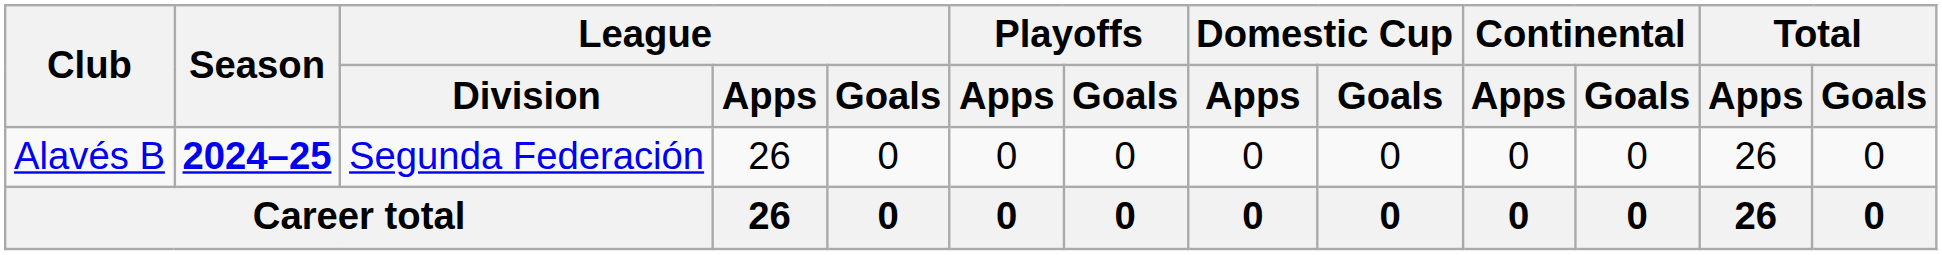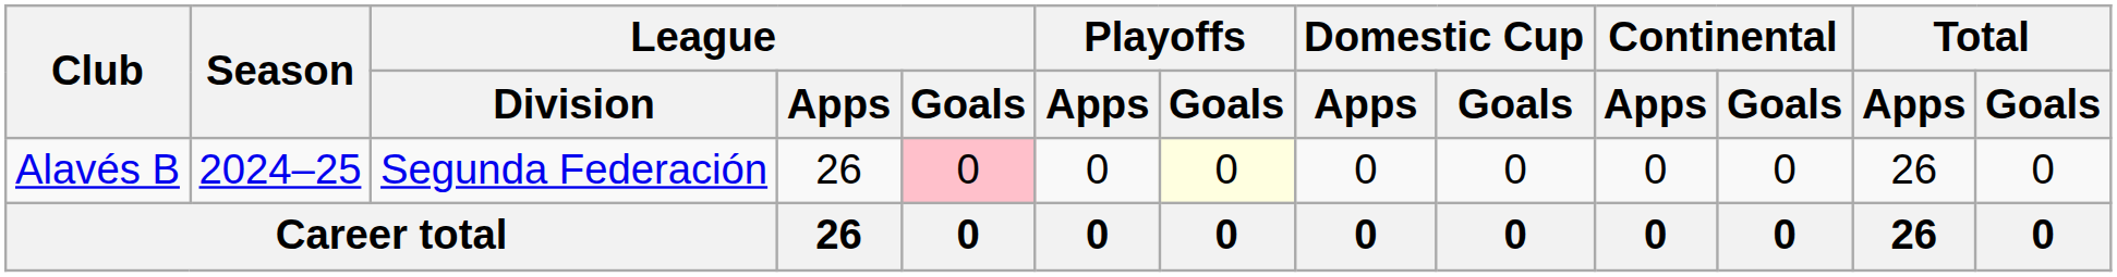 <table class="wikitable" style="text-align: center">
 <tr>
 <th rowspan="2">Club</th>
 <th rowspan="2">Season</th>
 <th colspan="3">League</th>
 <th colspan="2">Playoffs</th>
 <th colspan="2">Domestic Cup</th>
 <th colspan="2">Continental</th>
 <th colspan="2">Total</th>
 </tr>
 <tr>
 <th>Division</th>
 <th>Apps</th>
 <th>Goals</th>
 <th>Apps</th>
 <th>Goals</th>
 <th>Apps</th>
 <th>Goals</th>
 <th>Apps</th>
 <th>Goals</th>
 <th>Apps</th>
 <th>Goals</th>
 </tr>
 <tr>
 <td><a href='#'>Alavés B</a></td>
-<td><strong><a href='#'>2024–25</a></strong></td>
+<td><a href='#'>2024–25</a></td>
 <td><a href='#'>Segunda Federación</a></td>
 <td>26</td>
+<td style="background: pink;">0</td>
 <td>0</td>
-<td>0</td>
-<td>0</td>
+<td style="background: lightyellow;">0</td>
 <td>0</td>
 <td>0</td>
 <td>0</td>
 <td>0</td>
 <td>26</td>
 <td>0</td>
 </tr>
 <tr>
 <th colspan="3"><strong>Career total</strong></th>
 <th>26</th>
 <th>0</th>
 <th>0</th>
 <th>0</th>
 <th>0</th>
 <th>0</th>
 <th>0</th>
 <th>0</th>
 <th>26</th>
 <th>0</th>
 </tr>
 </table>
